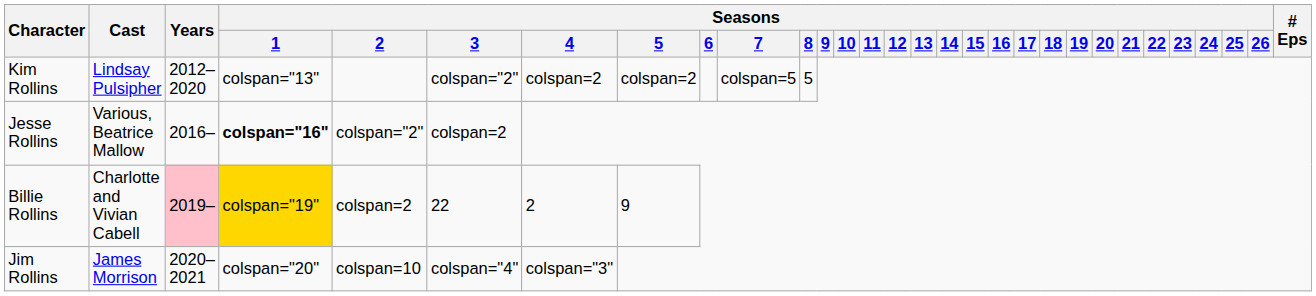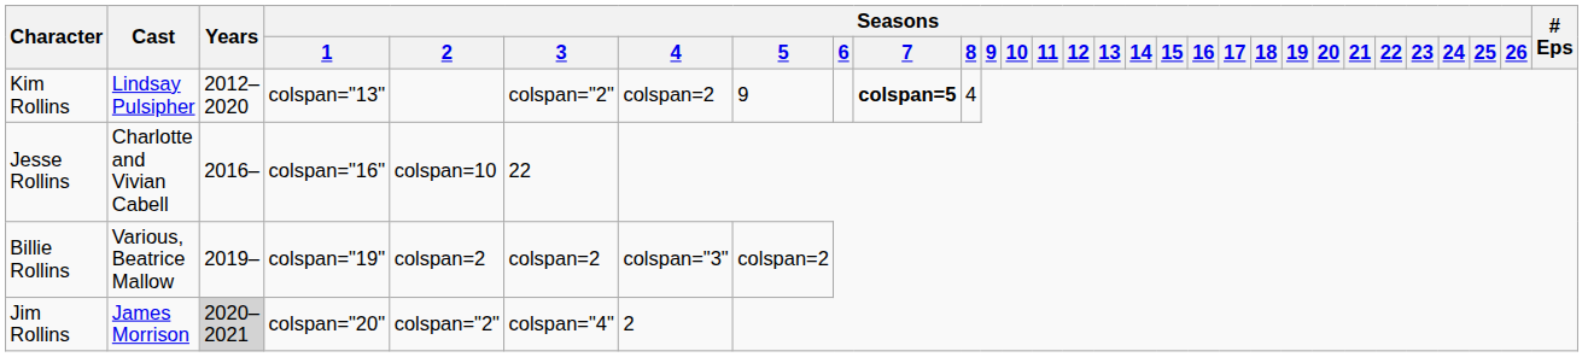 <table class="wikitable">
 <tr>
 <th rowspan="2">Character</th>
 <th rowspan="2">Cast</th>
 <th rowspan="2">Years</th>
 <th colspan="26">Seasons</th>
 <th rowspan="2"># Eps</th>
 </tr>
 <tr>
 <th><a href='#'>1</a></th>
 <th><a href='#'>2</a></th>
 <th><a href='#'>3</a></th>
 <th><a href='#'>4</a></th>
 <th><a href='#'>5</a></th>
 <th><a href='#'>6</a></th>
 <th><a href='#'>7</a></th>
 <th><a href='#'>8</a></th>
 <th><a href='#'>9</a></th>
 <th><a href='#'>10</a></th>
 <th><a href='#'>11</a></th>
 <th><a href='#'>12</a></th>
 <th><a href='#'>13</a></th>
 <th><a href='#'>14</a></th>
 <th><a href='#'>15</a></th>
 <th><a href='#'>16</a></th>
 <th><a href='#'>17</a></th>
 <th><a href='#'>18</a></th>
 <th><a href='#'>19</a></th>
 <th><a href='#'>20</a></th>
 <th><a href='#'>21</a></th>
 <th><a href='#'>22</a></th>
 <th><a href='#'>23</a></th>
 <th><a href='#'>24</a></th>
 <th><a href='#'>25</a></th>
 <th><a href='#'>26</a></th>
 </tr>
 <tr>
 <td>Kim Rollins</td>
 <td><a href='#'>Lindsay Pulsipher</a></td>
 <td>2012–2020</td>
 <td>colspan="13" </td>
 <td></td>
 <td>colspan="2" </td>
 <td>colspan=2 </td>
-<td>colspan=2 </td>
+<td>9</td>
 <td></td>
-<td>colspan=5 </td>
-<td>5</td>
+<td><strong>colspan=5 </strong></td>
+<td>4</td>
 </tr>
 <tr>
 <td>Jesse Rollins</td>
-<td>Various, Beatrice Mallow</td>
+<td>Charlotte and Vivian Cabell</td>
 <td>2016–</td>
-<td><strong>colspan="16" </strong></td>
-<td>colspan="2" </td>
-<td>colspan=2 </td>
+<td>colspan="16" </td>
+<td>colspan=10 </td>
+<td>22</td>
 </tr>
 <tr>
 <td>Billie Rollins</td>
-<td>Charlotte and Vivian Cabell</td>
-<td style="background: pink;">2019–</td>
-<td style="background: gold;">colspan="19" </td>
+<td>Various, Beatrice Mallow</td>
+<td>2019–</td>
+<td>colspan="19" </td>
 <td>colspan=2 </td>
-<td>22</td>
-<td>2</td>
-<td>9</td>
+<td>colspan=2 </td>
+<td>colspan="3" </td>
+<td>colspan=2 </td>
 </tr>
 <tr>
 <td>Jim Rollins</td>
 <td><a href='#'>James Morrison</a></td>
-<td>2020–2021</td>
+<td style="background: lightgrey;">2020–2021</td>
 <td>colspan="20" </td>
-<td>colspan=10 </td>
+<td>colspan="2" </td>
 <td>colspan="4" </td>
-<td>colspan="3" </td>
+<td>2</td>
 </tr>
 </table>
